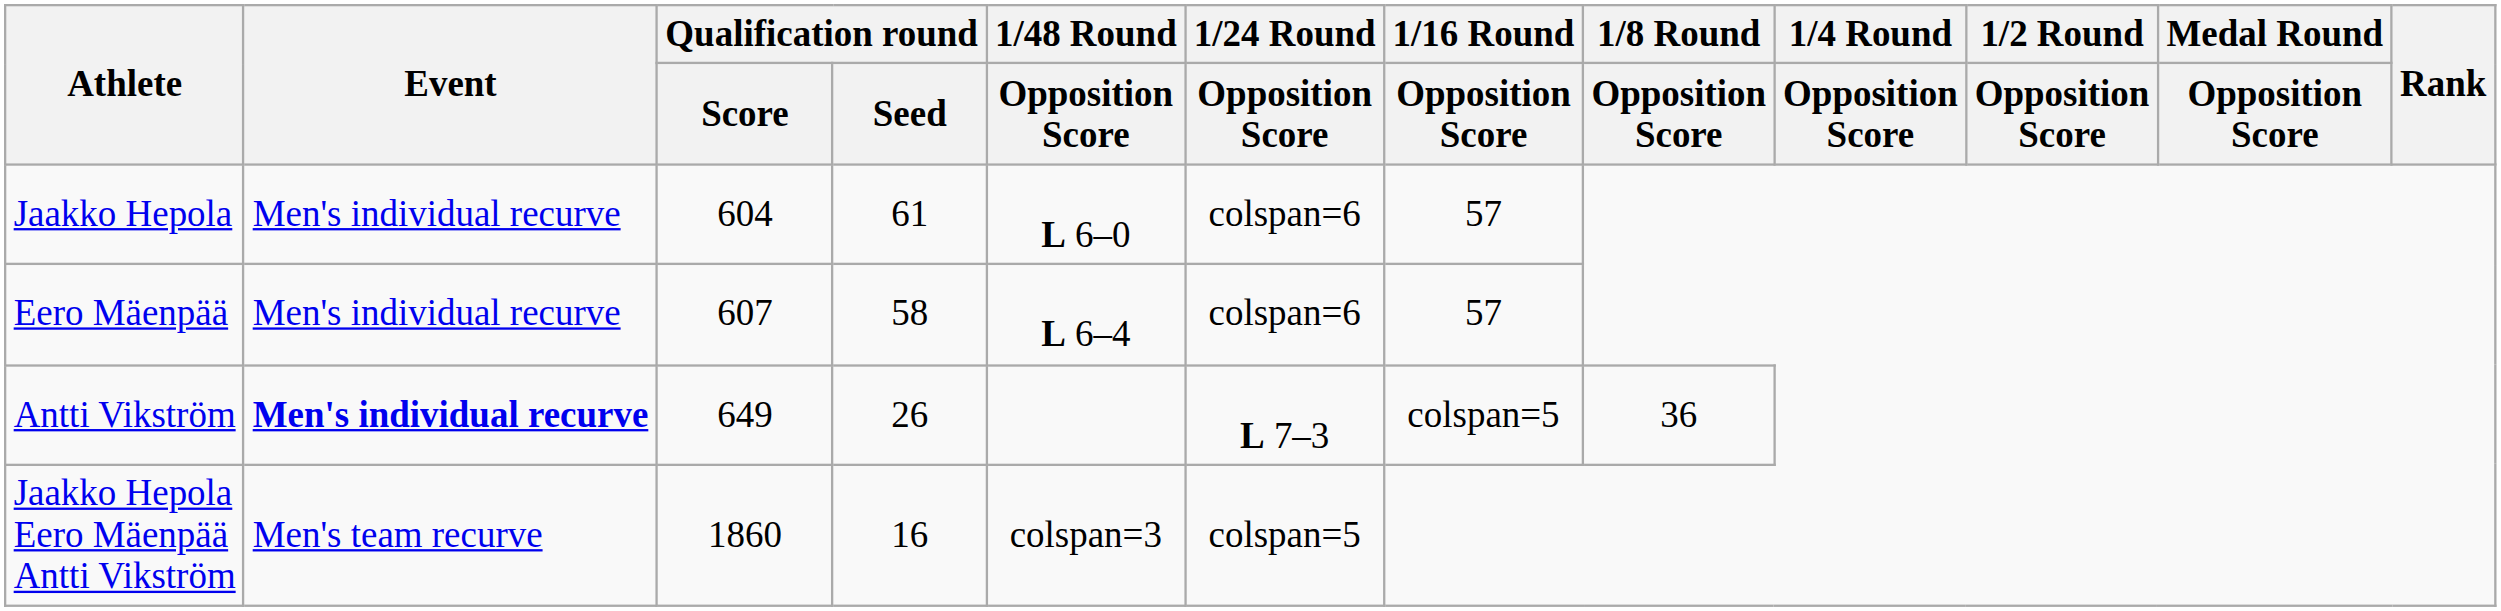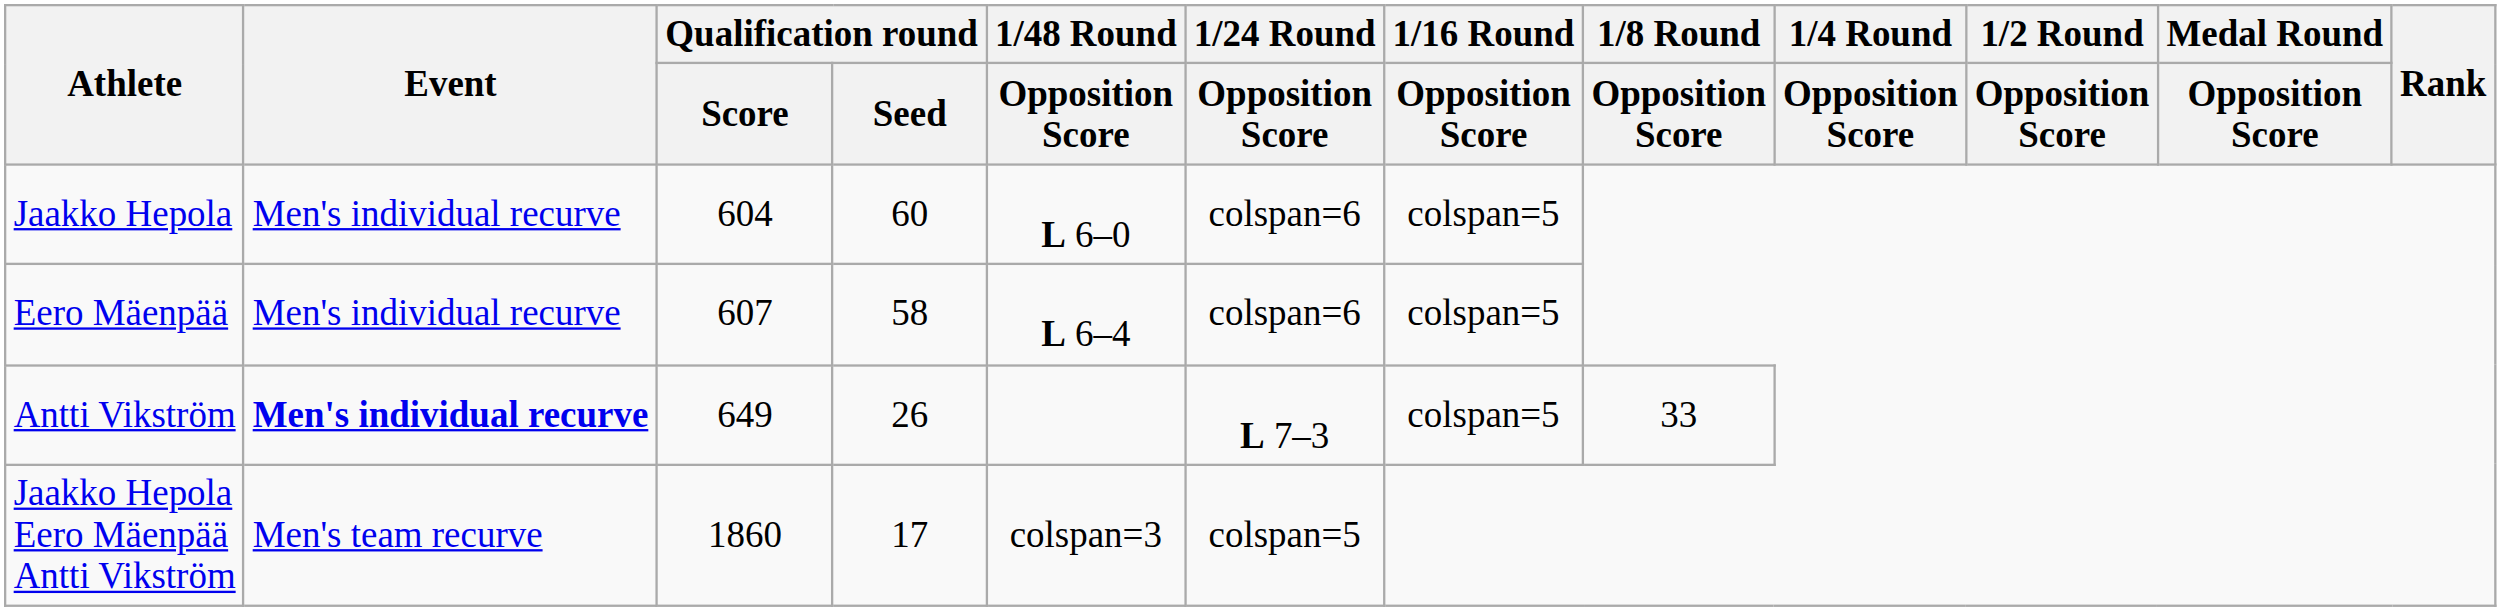 <table class="wikitable">
 <tr>
 <th rowspan="2">Athlete</th>
 <th rowspan="2">Event</th>
 <th colspan="2">Qualification round</th>
 <th>1/48 Round</th>
 <th>1/24 Round</th>
 <th>1/16 Round</th>
 <th>1/8 Round</th>
 <th>1/4 Round</th>
 <th>1/2 Round</th>
 <th>Medal Round</th>
 <th rowspan=2>Rank</th>
 </tr>
 <tr>
 <th>Score</th>
 <th>Seed</th>
 <th>Opposition<br>Score</th>
 <th>Opposition<br>Score</th>
 <th>Opposition<br>Score</th>
 <th>Opposition<br>Score</th>
 <th>Opposition<br>Score</th>
 <th>Opposition<br>Score</th>
 <th>Opposition<br>Score</th>
 </tr>
 <tr align=center>
 <td align=left><a href='#'>Jaakko Hepola</a></td>
 <td align=left><a href='#'>Men's individual recurve</a></td>
 <td>604</td>
-<td>61</td>
+<td>60</td>
 <td><br><strong>L</strong> 6–0</td>
 <td>colspan=6 </td>
-<td>57</td>
+<td>colspan=5 </td>
 </tr>
 <tr align=center>
 <td align=left><a href='#'>Eero Mäenpää</a></td>
 <td align=left><a href='#'>Men's individual recurve</a></td>
 <td>607</td>
 <td>58</td>
 <td><br><strong>L</strong> 6–4</td>
 <td>colspan=6 </td>
-<td>57</td>
+<td>colspan=5 </td>
 </tr>
 <tr align=center>
 <td align=left><a href='#'>Antti Vikström</a></td>
 <td align=left><strong><a href='#'>Men's individual recurve</a></strong></td>
 <td>649</td>
 <td>26</td>
 <td></td>
 <td><br><strong>L</strong> 7–3</td>
 <td>colspan=5 </td>
-<td>36</td>
+<td>33</td>
 </tr>
 <tr align=center>
 <td align=left><a href='#'>Jaakko Hepola</a><br><a href='#'>Eero Mäenpää</a><br><a href='#'>Antti Vikström</a></td>
 <td align=left><a href='#'>Men's team recurve</a></td>
 <td>1860</td>
-<td>16</td>
+<td>17</td>
 <td>colspan=3 </td>
 <td>colspan=5 </td>
 </tr>
 </table>
